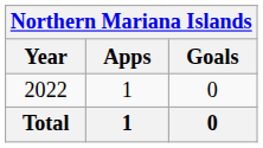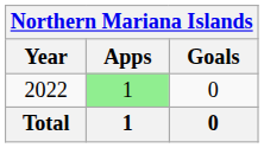 <table class="wikitable" style="text-align:center">
 <tr>
 <th colspan=3><a href='#'>Northern Mariana Islands</a></th>
 </tr>
 <tr>
 <th>Year</th>
 <th>Apps</th>
 <th>Goals</th>
 </tr>
 <tr>
 <td>2022</td>
-<td>1</td>
+<td style="background: lightgreen;">1</td>
 <td>0</td>
 </tr>
 <tr>
 <th>Total</th>
 <th>1</th>
 <th>0</th>
 </tr>
 </table>
